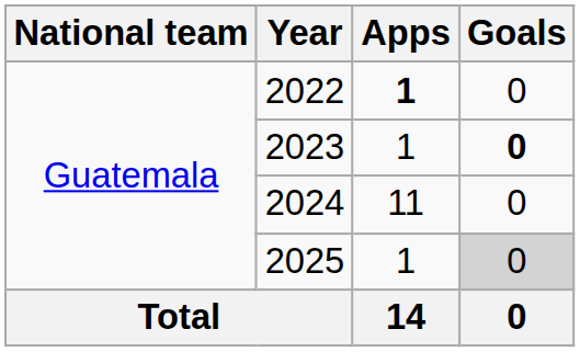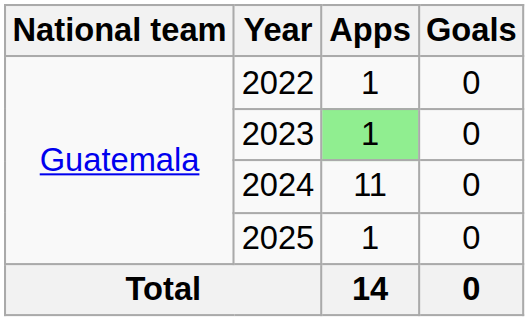 <table class="wikitable" style="text-align:center">
 <tr>
 <th>National team</th>
 <th>Year</th>
 <th>Apps</th>
 <th>Goals</th>
 </tr>
 <tr>
 <td rowspan="4"><a href='#'>Guatemala</a></td>
 <td>2022</td>
-<td><strong>1</strong></td>
+<td>1</td>
 <td>0</td>
 </tr>
 <tr>
 <td>2023</td>
-<td>1</td>
-<td><strong>0</strong></td>
+<td style="background: lightgreen;">1</td>
+<td>0</td>
 </tr>
 <tr>
 <td>2024</td>
 <td>11</td>
 <td>0</td>
 </tr>
 <tr>
 <td>2025</td>
 <td>1</td>
-<td style="background: lightgrey;">0</td>
+<td>0</td>
 </tr>
 <tr>
 <th colspan="2">Total</th>
 <th>14</th>
 <th>0</th>
 </tr>
 </table>
